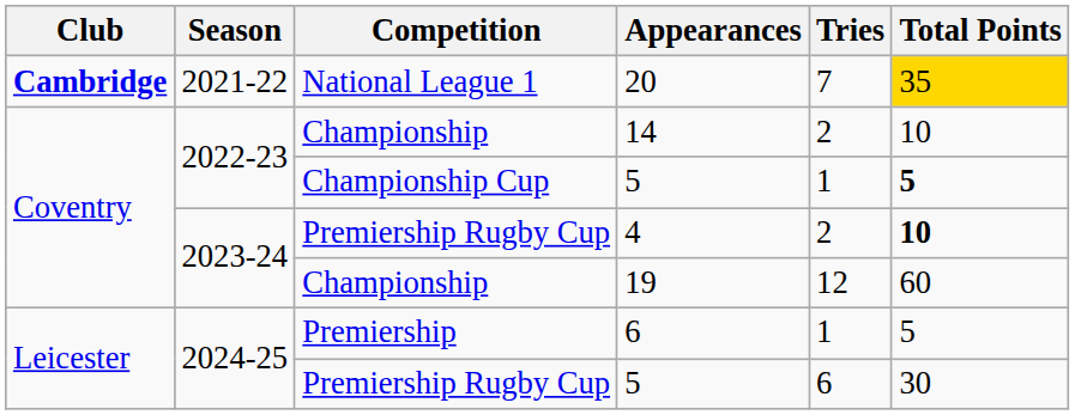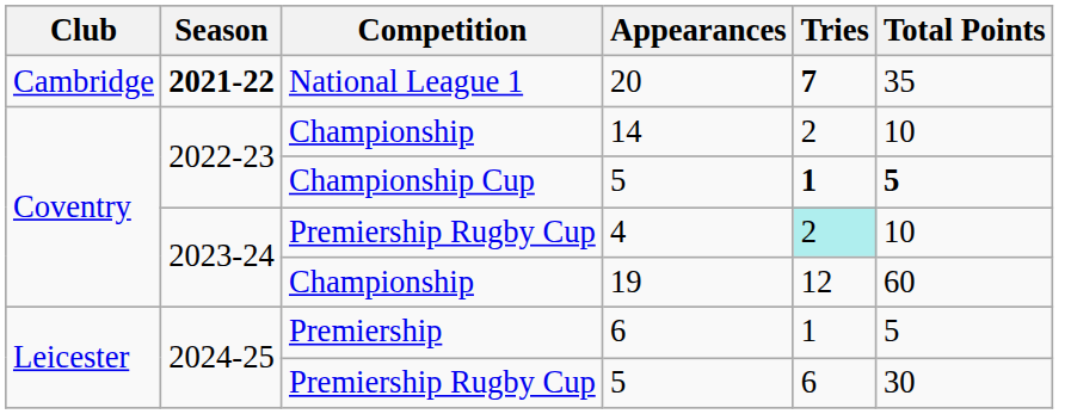 <table class="wikitable">
 <tr>
 <th>Club</th>
 <th>Season</th>
 <th>Competition</th>
 <th>Appearances</th>
 <th>Tries</th>
 <th>Total Points</th>
 </tr>
 <tr>
-<td><strong><a href='#'>Cambridge</a></strong></td>
-<td>2021-22</td>
+<td><a href='#'>Cambridge</a></td>
+<td><strong>2021-22</strong></td>
 <td><a href='#'>National League 1</a></td>
 <td>20</td>
-<td>7</td>
-<td style="background: gold;">35</td>
+<td><strong>7</strong></td>
+<td>35</td>
 </tr>
 <tr>
 <td rowspan="4"><a href='#'>Coventry</a></td>
 <td rowspan="2">2022-23</td>
 <td><a href='#'>Championship</a></td>
 <td>14</td>
 <td>2</td>
 <td>10</td>
 </tr>
 <tr>
 <td><a href='#'>Championship Cup</a></td>
 <td>5</td>
-<td>1</td>
+<td><strong>1</strong></td>
 <td><strong>5</strong></td>
 </tr>
 <tr>
 <td rowspan="2">2023-24</td>
 <td><a href='#'>Premiership Rugby Cup</a></td>
 <td>4</td>
-<td>2</td>
-<td><strong>10</strong></td>
+<td style="background: paleturquoise;">2</td>
+<td>10</td>
 </tr>
 <tr>
 <td><a href='#'>Championship</a></td>
 <td>19</td>
 <td>12</td>
 <td>60</td>
 </tr>
 <tr>
 <td rowspan="2"><a href='#'>Leicester</a></td>
 <td rowspan="2">2024-25</td>
 <td><a href='#'>Premiership</a></td>
 <td>6</td>
 <td>1</td>
 <td>5</td>
 </tr>
 <tr>
 <td><a href='#'>Premiership Rugby Cup</a></td>
 <td>5</td>
 <td>6</td>
 <td>30</td>
 </tr>
 </table>
